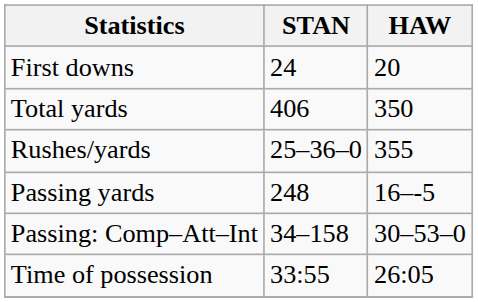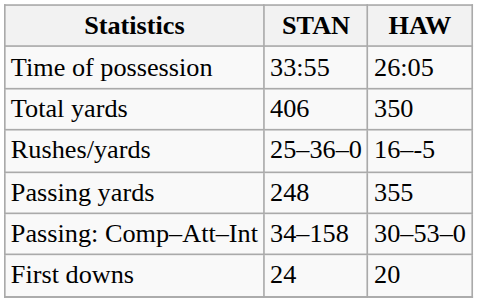 <table class="wikitable" style="float: left;">
 <tr>
 <th>Statistics</th>
 <th>STAN</th>
 <th>HAW</th>
 </tr>
 <tr>
-<td>First downs</td>
-<td>24</td>
-<td>20</td>
+<td>Time of possession</td>
+<td>33:55</td>
+<td>26:05</td>
 </tr>
 <tr>
 <td>Total yards</td>
 <td>406</td>
 <td>350</td>
 </tr>
 <tr>
 <td>Rushes/yards</td>
 <td>25–36–0</td>
-<td>355</td>
+<td>16–-5</td>
 </tr>
 <tr>
 <td>Passing yards</td>
 <td>248</td>
-<td>16–-5</td>
+<td>355</td>
 </tr>
 <tr>
 <td>Passing: Comp–Att–Int</td>
 <td>34–158</td>
 <td>30–53–0</td>
 </tr>
 <tr>
-<td>Time of possession</td>
-<td>33:55</td>
-<td>26:05</td>
+<td>First downs</td>
+<td>24</td>
+<td>20</td>
 </tr>
 <tr>
 </tr>
 </table>
